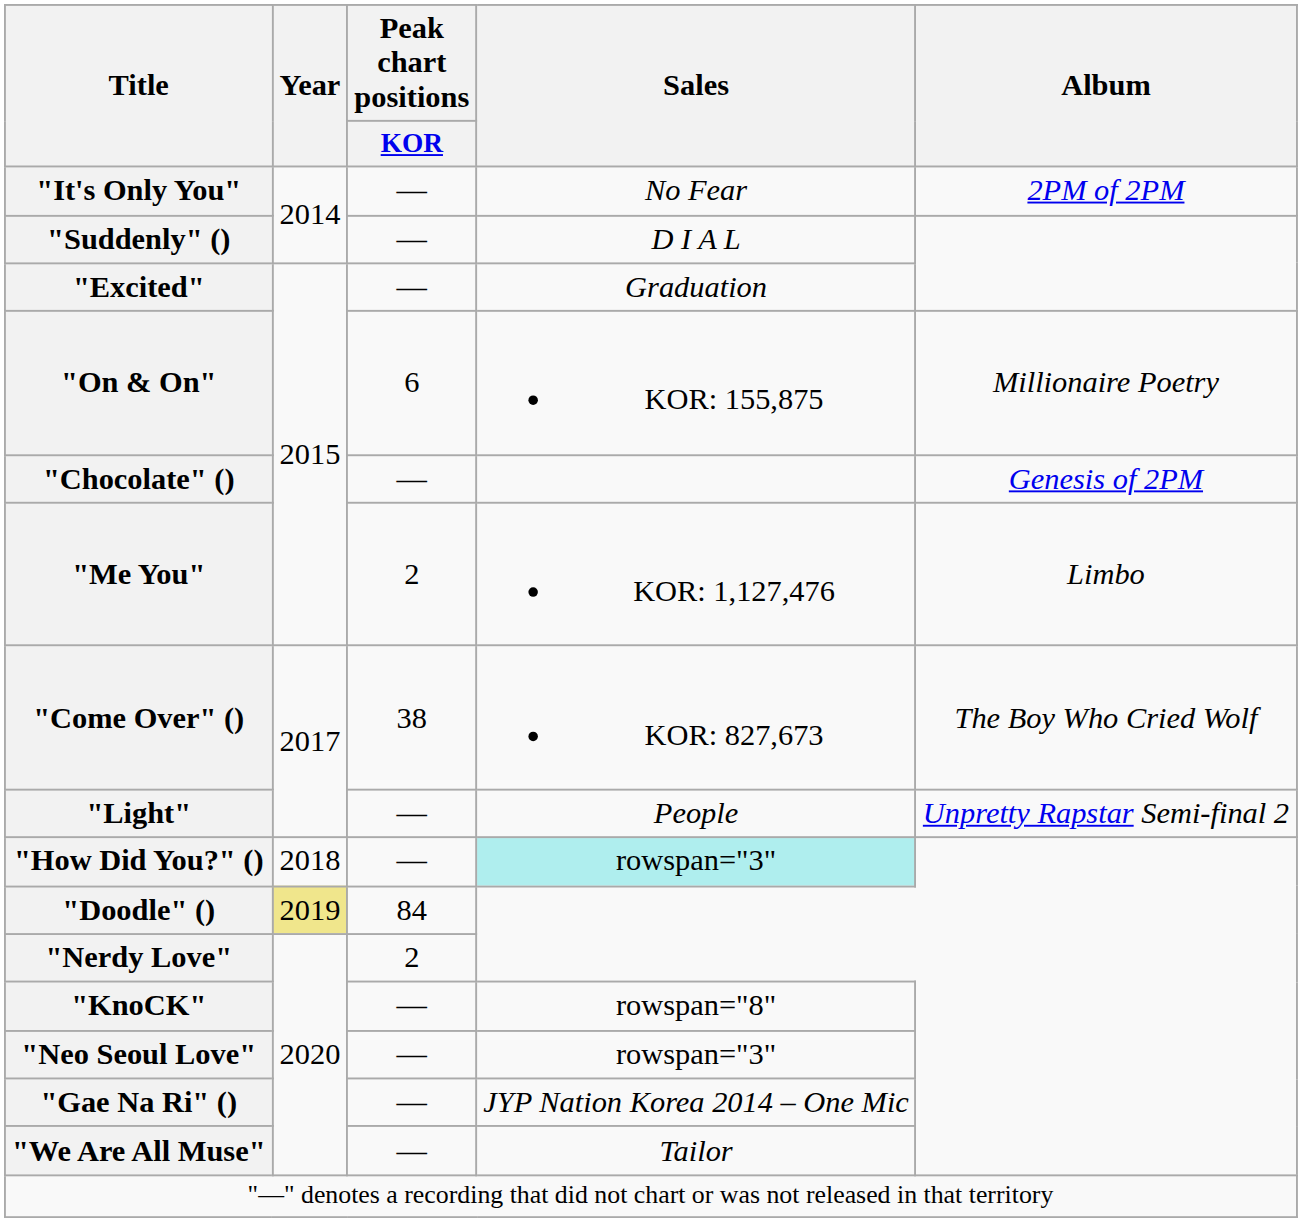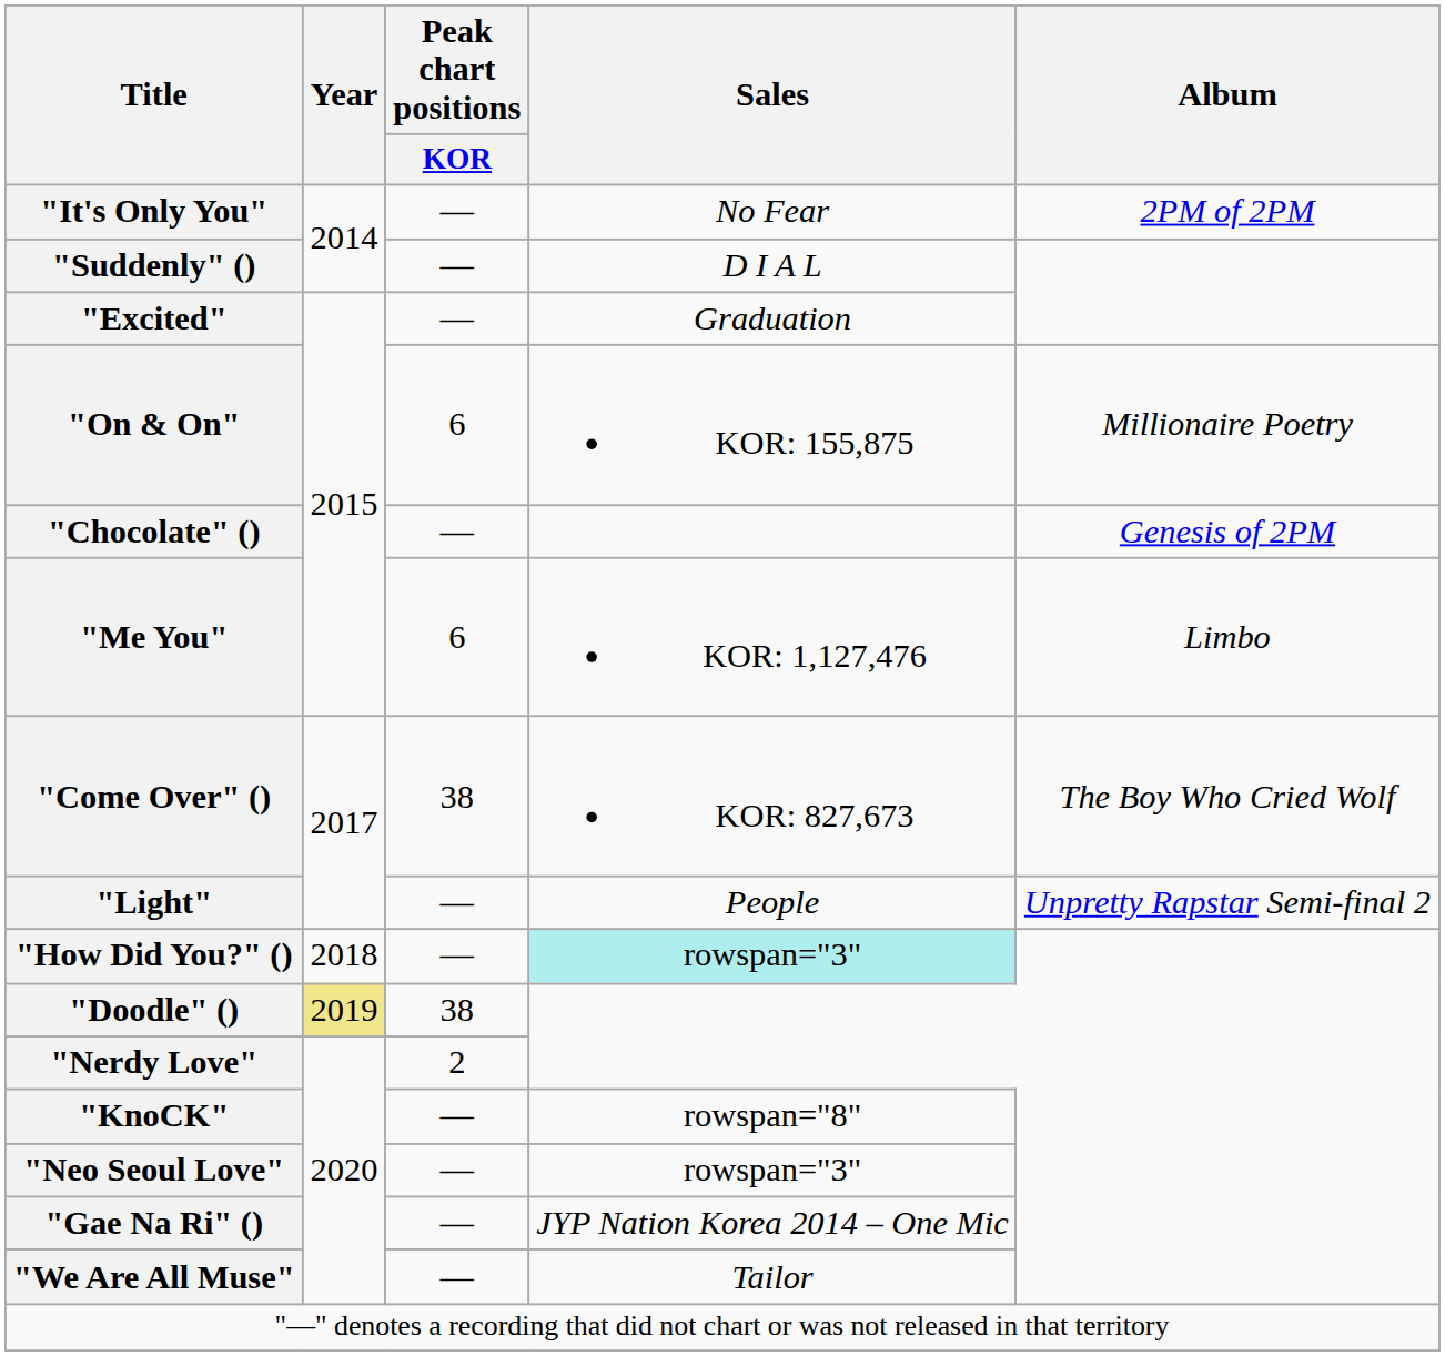 <table class="wikitable plainrowheaders" style="text-align:center">
 <tr>
 <th scope="col" rowspan="2">Title</th>
 <th scope="col" rowspan="2">Year</th>
 <th scope="col">Peak chart<br>positions</th>
 <th scope="col" rowspan="2">Sales<br></th>
 <th scope="col" rowspan="2">Album</th>
 </tr>
 <tr>
 <th scope="col" style="width:3.5em;font-size:90%;"><a href='#'>KOR</a><br></th>
 </tr>
 <tr>
 <th scope="row">"It's Only You"<br></th>
 <td rowspan="2">2014</td>
 <td>—</td>
 <td><em>No Fear</em></td>
 <td><em><a href='#'>2PM of 2PM</a></em></td>
 </tr>
 <tr>
 <th scope="row">"Suddenly" ()<br></th>
 <td>—</td>
 <td><em>D I A L</em></td>
 </tr>
 <tr>
 <th scope="row">"Excited"<br></th>
 <td rowspan="4">2015</td>
 <td>—</td>
 <td><em>Graduation</em></td>
 </tr>
 <tr>
 <th scope="row">"On & On"<br></th>
 <td>6</td>
 <td><br><ul><li>KOR: 155,875</li></ul></td>
 <td><em>Millionaire Poetry</em></td>
 </tr>
 <tr>
 <th scope="row">"Chocolate" ()<br></th>
 <td>—</td>
 <td></td>
 <td><em><a href='#'>Genesis of 2PM</a></em></td>
 </tr>
 <tr>
 <th scope="row">"Me You"<br></th>
-<td>2</td>
+<td>6</td>
 <td><br><ul><li>KOR: 1,127,476</li></ul></td>
 <td><em>Limbo</em></td>
 </tr>
 <tr>
 <th scope="row">"Come Over" ()<br></th>
 <td rowspan="2">2017</td>
 <td>38</td>
 <td><br><ul><li>KOR: 827,673</li></ul></td>
 <td><em>The Boy Who Cried Wolf</em></td>
 </tr>
 <tr>
 <th scope="row">"Light"<br></th>
 <td>—</td>
 <td><em>People</em></td>
 <td><em><a href='#'>Unpretty Rapstar</a> Semi-final 2</em></td>
 </tr>
 <tr>
 <th scope="row">"How Did You?" ()<br></th>
 <td>2018</td>
 <td>—</td>
 <td style="background: paleturquoise;">rowspan="3" </td>
 </tr>
 <tr>
 <th scope="row">"Doodle" ()<br></th>
 <td style="background: khaki;">2019</td>
-<td>84</td>
+<td>38</td>
 </tr>
 <tr>
 <th scope="row">"Nerdy Love"<br></th>
 <td rowspan="5">2020</td>
 <td>2</td>
 </tr>
 <tr>
 <th scope="row">"KnoCK"<br></th>
 <td>—</td>
 <td>rowspan="8" </td>
 </tr>
 <tr>
 <th scope="row">"Neo Seoul Love"<br></th>
 <td>—</td>
 <td>rowspan="3" </td>
 </tr>
 <tr>
 <th scope="row">"Gae Na Ri" ()<br></th>
 <td>—</td>
 <td><em>JYP Nation Korea 2014 – One Mic</em></td>
 </tr>
 <tr>
 <th scope="row">"We Are All Muse"<br></th>
 <td>—</td>
 <td><em>Tailor</em></td>
 </tr>
 <tr>
 <td colspan="5" style="font-size:85%">"—" denotes a recording that did not chart or was not released in that territory</td>
 </tr>
 </table>
